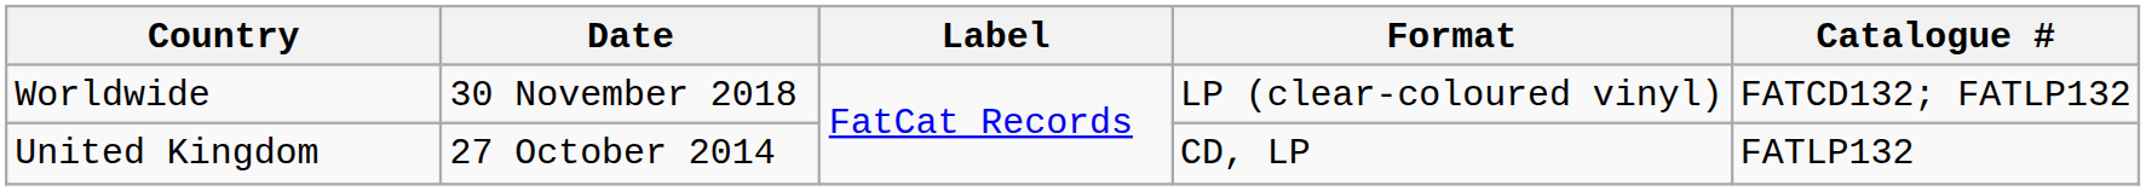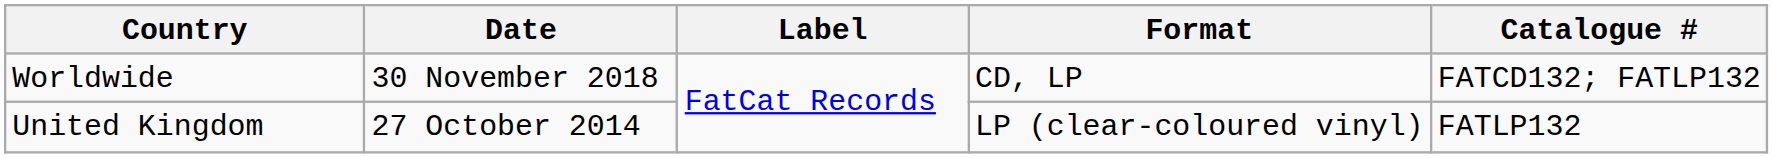 <table class="wikitable">
 <tr>
 <th width="150px">Country</th>
 <th width="130px">Date</th>
 <th width="120px">Label</th>
 <th>Format</th>
 <th>Catalogue #</th>
 </tr>
 <tr>
 <td>Worldwide</td>
 <td>30 November 2018</td>
 <td rowspan="2"><a href='#'>FatCat Records</a></td>
-<td>LP (clear-coloured vinyl)</td>
+<td>CD, LP</td>
 <td>FATCD132; FATLP132</td>
 </tr>
 <tr>
 <td>United Kingdom</td>
 <td>27 October 2014</td>
-<td>CD, LP</td>
+<td>LP (clear-coloured vinyl)</td>
 <td>FATLP132</td>
 </tr>
 </table>
